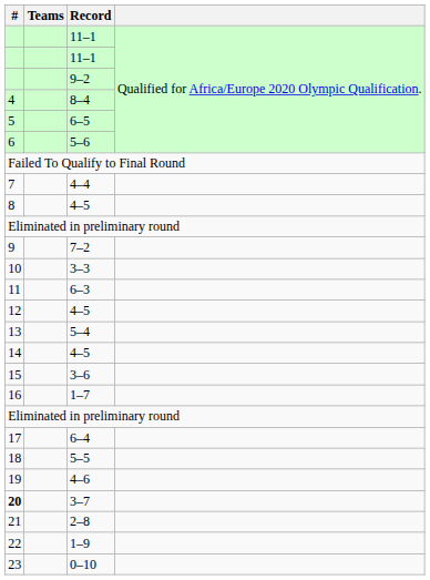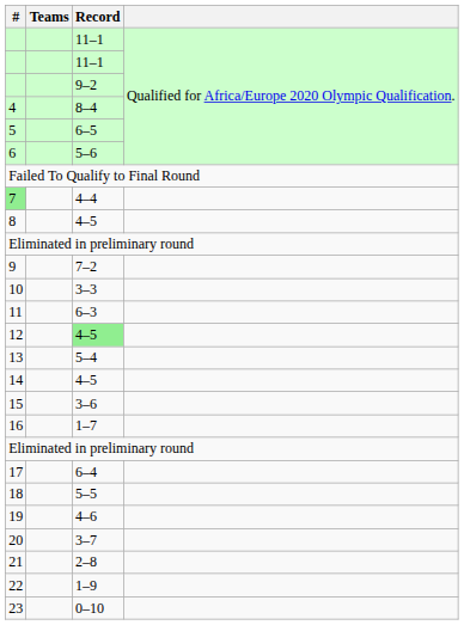 <table class="wikitable">
 <tr>
 <th>#</th>
 <th>Teams</th>
 <th>Record</th>
 <th></th>
 </tr>
 <tr bgcolor=ccffcc>
 <td></td>
 <td></td>
 <td>11–1</td>
 <td rowspan="6">Qualified for <a href='#'>Africa/Europe 2020 Olympic Qualification</a>.</td>
 </tr>
 <tr bgcolor=ccffcc>
 <td></td>
 <td></td>
 <td>11–1</td>
 </tr>
 <tr bgcolor=ccffcc>
 <td></td>
 <td></td>
 <td>9–2</td>
 </tr>
 <tr bgcolor=ccffcc>
 <td>4</td>
 <td></td>
 <td>8–4</td>
 </tr>
 <tr bgcolor=ccffcc>
 <td>5</td>
 <td></td>
 <td>6–5</td>
 </tr>
 <tr bgcolor=ccffcc>
 <td>6</td>
 <td></td>
 <td>5–6</td>
 </tr>
 <tr>
 <td colspan="4">Failed To Qualify to Final Round</td>
 </tr>
 <tr>
-<td>7</td>
+<td style="background: lightgreen;">7</td>
 <td></td>
 <td>4–4</td>
 <td></td>
 </tr>
 <tr>
 <td>8</td>
 <td></td>
 <td>4–5</td>
 <td></td>
 </tr>
 <tr>
 <td colspan="4">Eliminated in preliminary round</td>
 </tr>
 <tr>
 <td>9</td>
 <td></td>
 <td>7–2</td>
 <td></td>
 </tr>
 <tr>
 <td>10</td>
 <td></td>
 <td>3–3</td>
 <td></td>
 </tr>
 <tr>
 <td>11</td>
 <td></td>
 <td>6–3</td>
 <td></td>
 </tr>
 <tr>
 <td>12</td>
 <td></td>
-<td>4–5</td>
+<td style="background: lightgreen;">4–5</td>
 <td></td>
 </tr>
 <tr>
 <td>13</td>
 <td></td>
 <td>5–4</td>
 <td></td>
 </tr>
 <tr>
 <td>14</td>
 <td></td>
 <td>4–5</td>
 <td></td>
 </tr>
 <tr>
 <td>15</td>
 <td></td>
 <td>3–6</td>
 <td></td>
 </tr>
 <tr>
 <td>16</td>
 <td></td>
 <td>1–7</td>
 <td></td>
 </tr>
 <tr>
 <td colspan="4">Eliminated in preliminary round</td>
 </tr>
 <tr>
 <td>17</td>
 <td></td>
 <td>6–4</td>
 <td></td>
 </tr>
 <tr>
 <td>18</td>
 <td></td>
 <td>5–5</td>
 <td></td>
 </tr>
 <tr>
 <td>19</td>
 <td></td>
 <td>4–6</td>
 <td></td>
 </tr>
 <tr>
-<td><strong>20</strong></td>
+<td>20</td>
 <td></td>
 <td>3–7</td>
 <td></td>
 </tr>
 <tr>
 <td>21</td>
 <td></td>
 <td>2–8</td>
 <td></td>
 </tr>
 <tr>
 <td>22</td>
 <td></td>
 <td>1–9</td>
 <td></td>
 </tr>
 <tr>
 <td>23</td>
 <td></td>
 <td>0–10</td>
 <td></td>
 </tr>
 </table>
